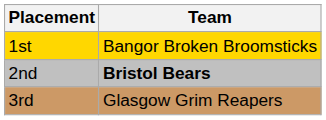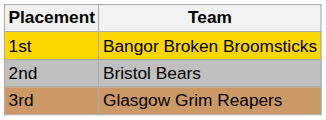 <table class="wikitable">
 <tr>
 <th>Placement</th>
 <th>Team</th>
 </tr>
 <tr>
 <td style="background: gold;">1st</td>
 <td style="background: gold;">Bangor Broken Broomsticks</td>
 </tr>
 <tr>
 <td style="background: silver;">2nd</td>
-<td style="background: silver;"><strong>Bristol Bears</strong></td>
+<td style="background: silver;">Bristol Bears</td>
 </tr>
 <tr>
 <td style="background: #CC9966;">3rd</td>
 <td style="background: #CC9966;">Glasgow Grim Reapers</td>
 </tr>
 </table>
